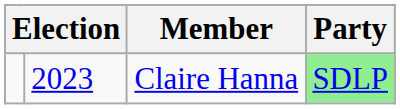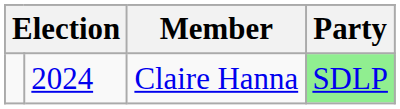 <table class="wikitable">
 <tr>
 <th colspan="2">Election</th>
 <th>Member</th>
 <th>Party</th>
 </tr>
 <tr>
 <td style="color:inherit;background-color: "></td>
-<td><a href='#'>2023</a></td>
+<td><a href='#'>2024</a></td>
 <td><a href='#'>Claire Hanna</a></td>
 <td style="background: lightgreen;"><a href='#'>SDLP</a></td>
 </tr>
 </table>
